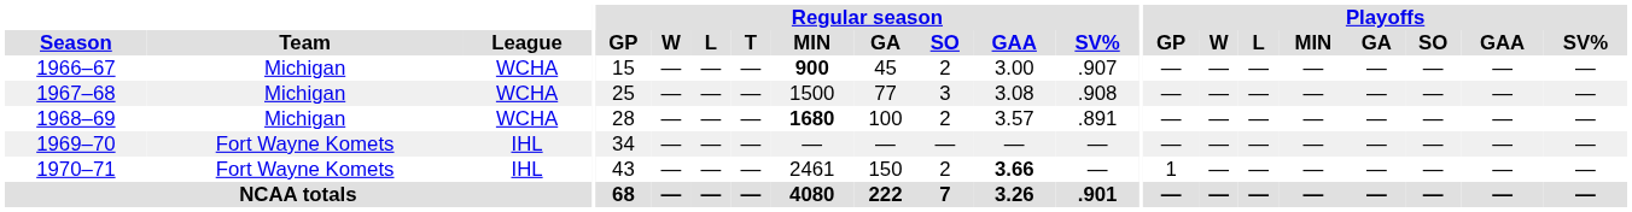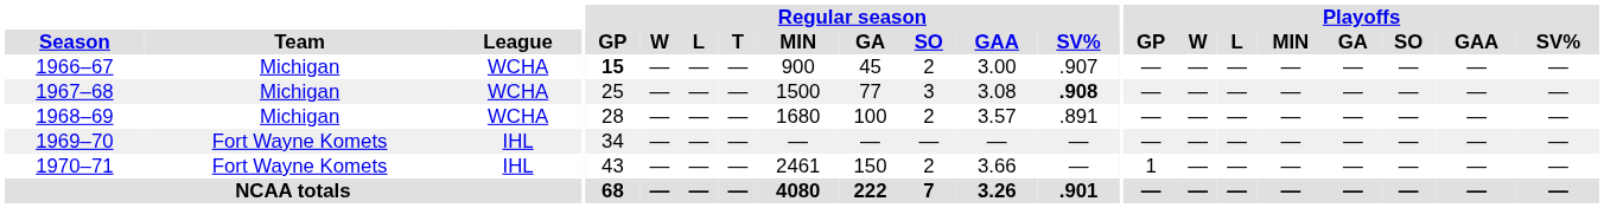 <table border="0" cellpadding="1" cellspacing="0" style="text-align:center; width:80em">
 <tr bgcolor="#e0e0e0">
 <th colspan="3" bgcolor="#ffffff"></th>
 <th rowspan="99" bgcolor="#ffffff"></th>
 <th colspan="9"><a href='#'>Regular season</a></th>
 <th rowspan="99" bgcolor="#ffffff"></th>
 <th colspan="8"><a href='#'>Playoffs</a></th>
 </tr>
 <tr bgcolor="#e0e0e0">
 <th><a href='#'>Season</a></th>
 <th>Team</th>
 <th>League</th>
 <th>GP</th>
 <th>W</th>
 <th>L</th>
 <th>T</th>
 <th>MIN</th>
 <th>GA</th>
 <th><a href='#'>SO</a></th>
 <th><a href='#'>GAA</a></th>
 <th><a href='#'>SV%</a></th>
 <th>GP</th>
 <th>W</th>
 <th>L</th>
 <th>MIN</th>
 <th>GA</th>
 <th>SO</th>
 <th>GAA</th>
 <th>SV%</th>
 </tr>
 <tr>
 <td><a href='#'>1966–67</a></td>
 <td><a href='#'>Michigan</a></td>
 <td><a href='#'>WCHA</a></td>
-<td>15</td>
+<td><strong>15</strong></td>
 <td>—</td>
 <td>—</td>
 <td>—</td>
-<td><strong>900</strong></td>
+<td>900</td>
 <td>45</td>
 <td>2</td>
 <td>3.00</td>
 <td>.907</td>
 <td>—</td>
 <td>—</td>
 <td>—</td>
 <td>—</td>
 <td>—</td>
 <td>—</td>
 <td>—</td>
 <td>—</td>
 </tr>
 <tr bgcolor="f0f0f0">
 <td><a href='#'>1967–68</a></td>
 <td><a href='#'>Michigan</a></td>
 <td><a href='#'>WCHA</a></td>
 <td>25</td>
 <td>—</td>
 <td>—</td>
 <td>—</td>
 <td>1500</td>
 <td>77</td>
 <td>3</td>
 <td>3.08</td>
-<td>.908</td>
+<td><strong>.908</strong></td>
 <td>—</td>
 <td>—</td>
 <td>—</td>
 <td>—</td>
 <td>—</td>
 <td>—</td>
 <td>—</td>
 <td>—</td>
 </tr>
 <tr>
 <td><a href='#'>1968–69</a></td>
 <td><a href='#'>Michigan</a></td>
 <td><a href='#'>WCHA</a></td>
 <td>28</td>
 <td>—</td>
 <td>—</td>
 <td>—</td>
-<td><strong>1680</strong></td>
+<td>1680</td>
 <td>100</td>
 <td>2</td>
 <td>3.57</td>
 <td>.891</td>
 <td>—</td>
 <td>—</td>
 <td>—</td>
 <td>—</td>
 <td>—</td>
 <td>—</td>
 <td>—</td>
 <td>—</td>
 </tr>
 <tr bgcolor="f0f0f0">
 <td><a href='#'>1969–70</a></td>
 <td><a href='#'>Fort Wayne Komets</a></td>
 <td><a href='#'>IHL</a></td>
 <td>34</td>
 <td>—</td>
 <td>—</td>
 <td>—</td>
 <td>—</td>
 <td>—</td>
 <td>—</td>
 <td>—</td>
 <td>—</td>
 <td>—</td>
 <td>—</td>
 <td>—</td>
 <td>—</td>
 <td>—</td>
 <td>—</td>
 <td>—</td>
 <td>—</td>
 </tr>
 <tr bgcolor="">
 <td><a href='#'>1970–71</a></td>
 <td><a href='#'>Fort Wayne Komets</a></td>
 <td><a href='#'>IHL</a></td>
 <td>43</td>
 <td>—</td>
 <td>—</td>
 <td>—</td>
 <td>2461</td>
 <td>150</td>
 <td>2</td>
-<td><strong>3.66</strong></td>
+<td>3.66</td>
 <td>—</td>
 <td>1</td>
 <td>—</td>
 <td>—</td>
 <td>—</td>
 <td>—</td>
 <td>—</td>
 <td>—</td>
 <td>—</td>
 </tr>
 <tr bgcolor="#e0e0e0">
 <th colspan="3">NCAA totals</th>
 <th>68</th>
 <th>—</th>
 <th>—</th>
 <th>—</th>
 <th>4080</th>
 <th>222</th>
 <th>7</th>
 <th>3.26</th>
 <th>.901</th>
 <th>—</th>
 <th>—</th>
 <th>—</th>
 <th>—</th>
 <th>—</th>
 <th>—</th>
 <th>—</th>
 <th>—</th>
 </tr>
 </table>
